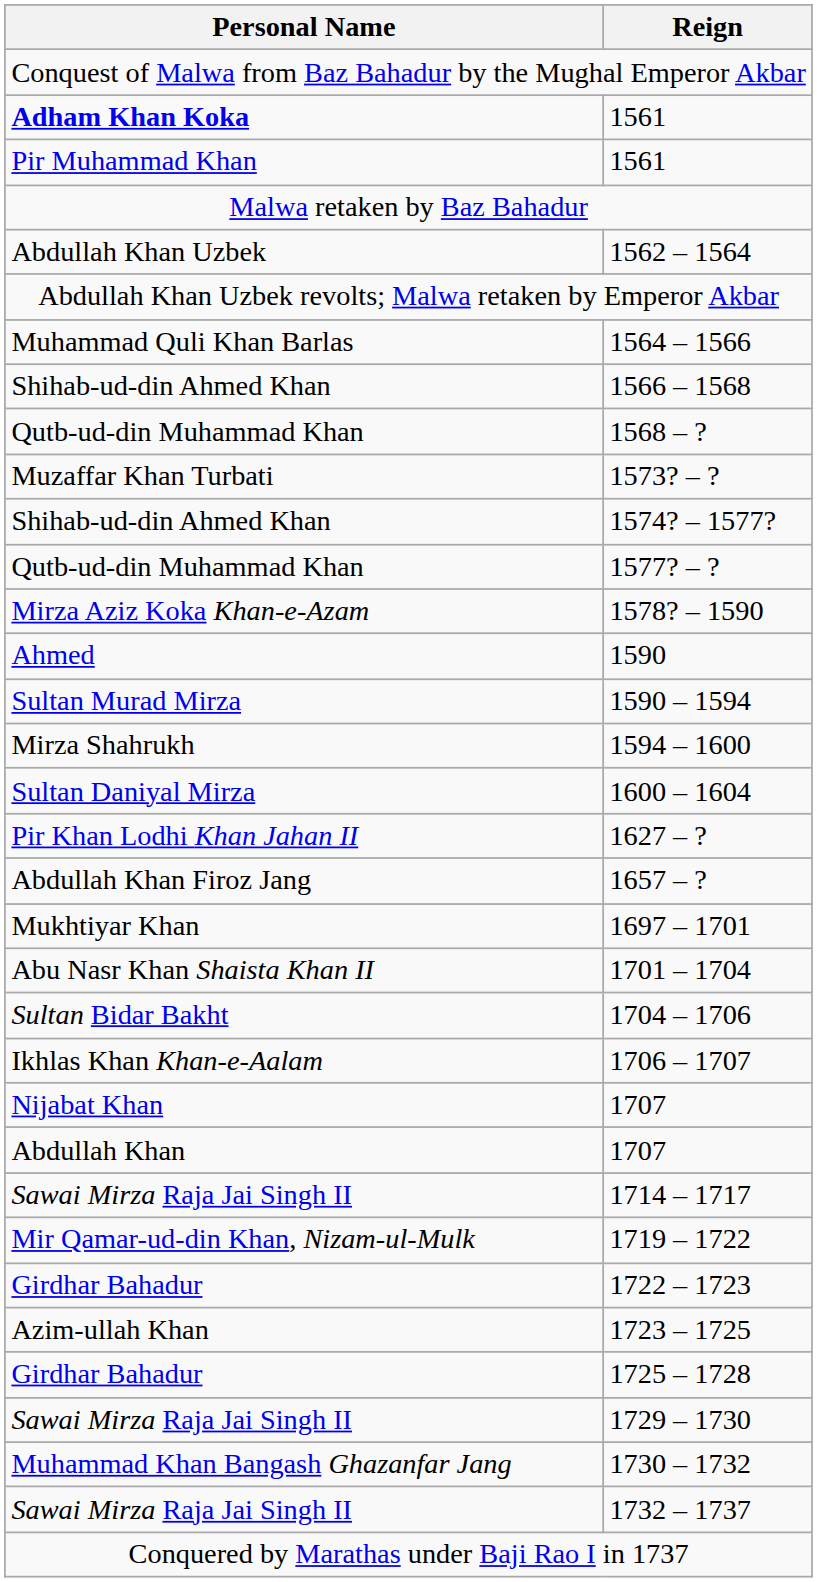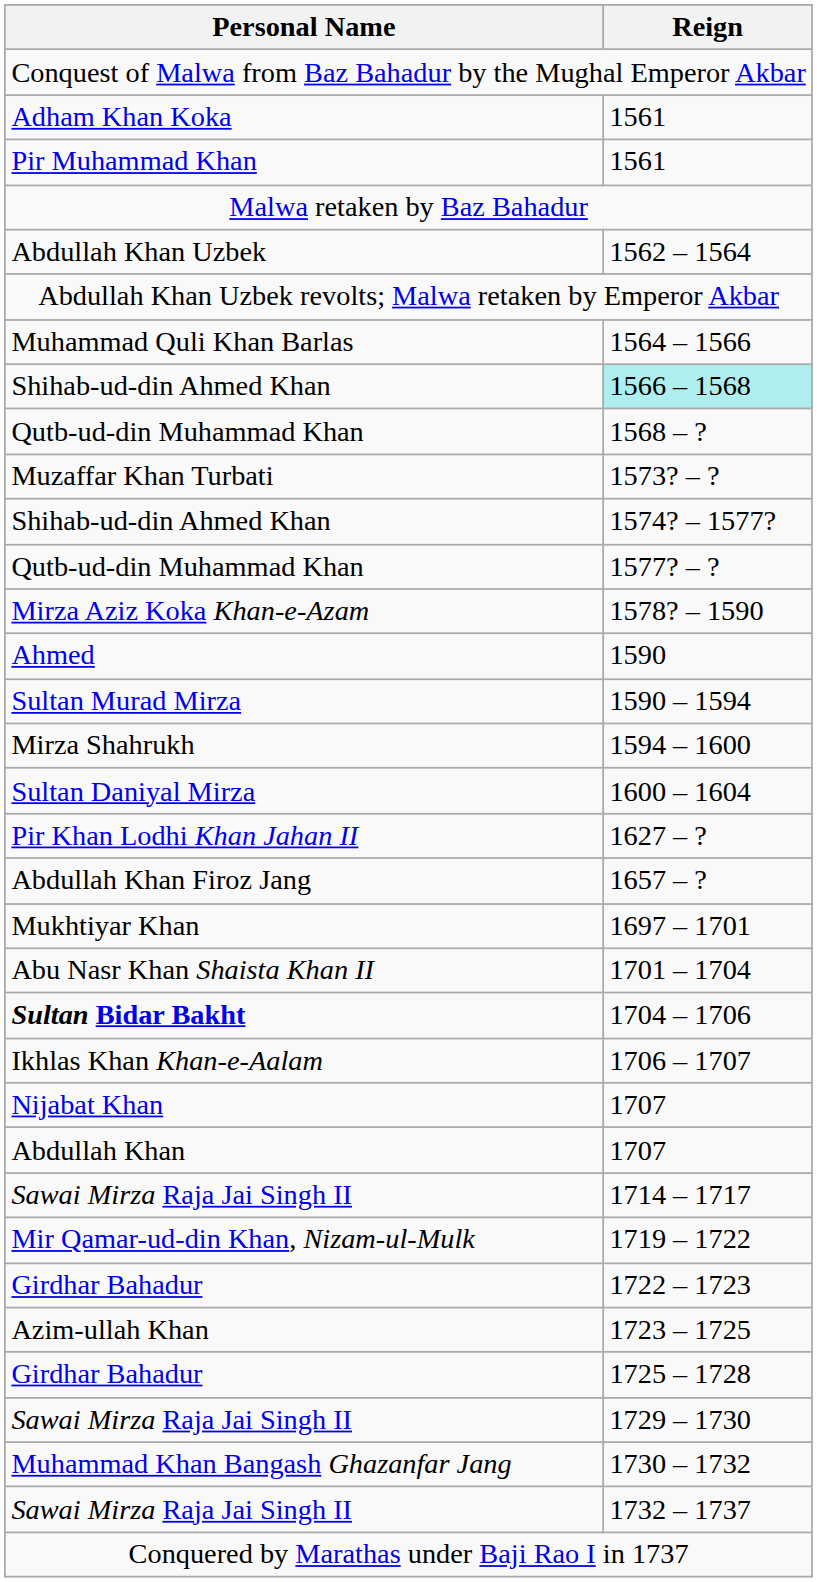 <table class="wikitable">
 <tr>
 <th>Personal Name</th>
 <th>Reign</th>
 </tr>
 <tr>
 <td colspan="4" align="center">Conquest of <a href='#'>Malwa</a> from <a href='#'>Baz Bahadur</a> by the Mughal Emperor <a href='#'>Akbar</a></td>
 </tr>
 <tr>
-<td><strong><a href='#'>Adham Khan Koka</a></strong></td>
+<td><a href='#'>Adham Khan Koka</a></td>
 <td>1561</td>
 </tr>
 <tr>
 <td><a href='#'>Pir Muhammad Khan</a></td>
 <td>1561</td>
 </tr>
 <tr>
 <td colspan="4" align="center"><a href='#'>Malwa</a> retaken by <a href='#'>Baz Bahadur</a></td>
 </tr>
 <tr>
 <td>Abdullah Khan Uzbek</td>
 <td>1562 – 1564</td>
 </tr>
 <tr>
 <td colspan="4" align="center">Abdullah Khan Uzbek revolts; <a href='#'>Malwa</a> retaken by Emperor <a href='#'>Akbar</a></td>
 </tr>
 <tr>
 <td>Muhammad Quli Khan Barlas</td>
 <td>1564 – 1566</td>
 </tr>
 <tr>
 <td>Shihab-ud-din Ahmed Khan</td>
-<td>1566 – 1568</td>
+<td style="background: paleturquoise;">1566 – 1568</td>
 </tr>
 <tr>
 <td>Qutb-ud-din Muhammad Khan</td>
 <td>1568 – ?</td>
 </tr>
 <tr>
 <td>Muzaffar Khan Turbati</td>
 <td>1573? – ?</td>
 </tr>
 <tr>
 <td>Shihab-ud-din Ahmed Khan</td>
 <td>1574? – 1577?</td>
 </tr>
 <tr>
 <td>Qutb-ud-din Muhammad Khan</td>
 <td>1577? – ?</td>
 </tr>
 <tr>
 <td><a href='#'>Mirza Aziz Koka</a> <em>Khan-e-Azam</em></td>
 <td>1578? – 1590</td>
 </tr>
 <tr>
 <td><a href='#'>Ahmed</a></td>
 <td>1590</td>
 </tr>
 <tr>
 <td><a href='#'>Sultan Murad Mirza</a></td>
 <td>1590 – 1594</td>
 </tr>
 <tr>
 <td>Mirza Shahrukh</td>
 <td>1594 – 1600</td>
 </tr>
 <tr>
 <td><a href='#'>Sultan Daniyal Mirza</a></td>
 <td>1600 – 1604</td>
 </tr>
 <tr>
 <td><a href='#'>Pir Khan Lodhi <em>Khan Jahan II</em></a></td>
 <td>1627 – ?</td>
 </tr>
 <tr>
 <td>Abdullah Khan Firoz Jang</td>
 <td>1657 – ?</td>
 </tr>
 <tr>
 <td>Mukhtiyar Khan</td>
 <td>1697 – 1701</td>
 </tr>
 <tr>
 <td>Abu Nasr Khan <em>Shaista Khan II</em></td>
 <td>1701 – 1704</td>
 </tr>
 <tr>
-<td><em>Sultan</em> <a href='#'>Bidar Bakht</a></td>
+<td><strong><em>Sultan</em> <a href='#'>Bidar Bakht</a></strong></td>
 <td>1704 – 1706</td>
 </tr>
 <tr>
 <td>Ikhlas Khan <em>Khan-e-Aalam</em></td>
 <td>1706 – 1707</td>
 </tr>
 <tr>
 <td><a href='#'>Nijabat Khan</a></td>
 <td>1707</td>
 </tr>
 <tr>
 <td>Abdullah Khan</td>
 <td>1707</td>
 </tr>
 <tr>
 <td><em>Sawai Mirza</em> <a href='#'>Raja Jai Singh II</a></td>
 <td>1714 – 1717</td>
 </tr>
 <tr>
 <td><a href='#'>Mir Qamar-ud-din Khan</a>, <em>Nizam-ul-Mulk</em></td>
 <td>1719 – 1722</td>
 </tr>
 <tr>
 <td><a href='#'>Girdhar Bahadur</a></td>
 <td>1722 – 1723</td>
 </tr>
 <tr>
 <td>Azim-ullah Khan</td>
 <td>1723 – 1725</td>
 </tr>
 <tr>
 <td><a href='#'>Girdhar Bahadur</a></td>
 <td>1725 – 1728</td>
 </tr>
 <tr>
 <td><em>Sawai Mirza</em> <a href='#'>Raja Jai Singh II</a></td>
 <td>1729 – 1730</td>
 </tr>
 <tr>
 <td><a href='#'>Muhammad Khan Bangash</a> <em>Ghazanfar Jang</em></td>
 <td>1730 – 1732</td>
 </tr>
 <tr>
 <td><em>Sawai Mirza</em> <a href='#'>Raja Jai Singh II</a></td>
 <td>1732 – 1737</td>
 </tr>
 <tr>
 <td colspan="4" align="center">Conquered by <a href='#'>Marathas</a> under <a href='#'>Baji Rao I</a> in 1737</td>
 </tr>
 </table>
